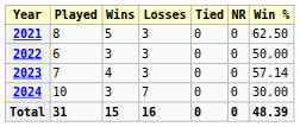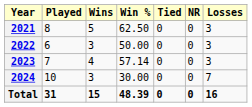 <table class="wikitable" style="width:25%;">
 <tr>
 <th style="background:#ffc;">Year</th>
 <th style="background:#ffc;">Played</th>
 <th style="background:#ffc;">Wins</th>
-<th style="background:#ffc;">Losses</th>
+<th style="background:#ffc;">Win %</th>
 <th style="background:#ffc;">Tied</th>
 <th style="background:#ffc;">NR</th>
-<th style="background:#ffc;">Win %</th>
+<th style="background:#ffc;">Losses</th>
 </tr>
 <tr>
 <th><a href='#'>2021</a></th>
 <td>8</td>
 <td>5</td>
-<td>3</td>
+<td>62.50</td>
 <td>0</td>
 <td>0</td>
-<td>62.50</td>
+<td>3</td>
 </tr>
 <tr>
 <th><a href='#'>2022</a></th>
 <td>6</td>
 <td>3</td>
-<td>3</td>
+<td>50.00</td>
 <td>0</td>
 <td>0</td>
-<td>50.00</td>
+<td>3</td>
 </tr>
 <tr>
 <th><a href='#'>2023</a></th>
 <td>7</td>
 <td>4</td>
-<td>3</td>
+<td>57.14</td>
 <td>0</td>
 <td>0</td>
-<td>57.14</td>
+<td>3</td>
 </tr>
 <tr>
 <th><a href='#'>2024</a></th>
 <td>10</td>
 <td>3</td>
-<td>7</td>
+<td>30.00</td>
 <td>0</td>
 <td>0</td>
-<td>30.00</td>
+<td>7</td>
 </tr>
 <tr>
 <th>Total</th>
 <td><strong>31</strong></td>
 <td><strong>15</strong></td>
-<td><strong>16</strong></td>
+<td><strong>48.39</strong></td>
 <td><strong>0</strong></td>
 <td><strong>0</strong></td>
-<td><strong>48.39</strong></td>
+<td><strong>16</strong></td>
 </tr>
 </table>
